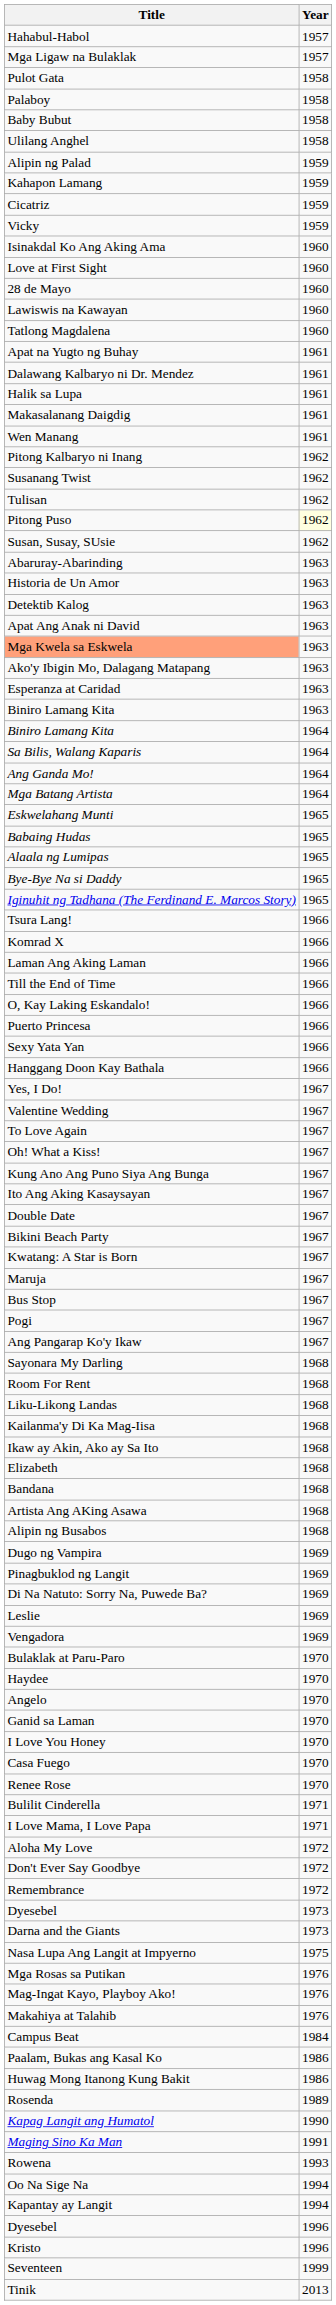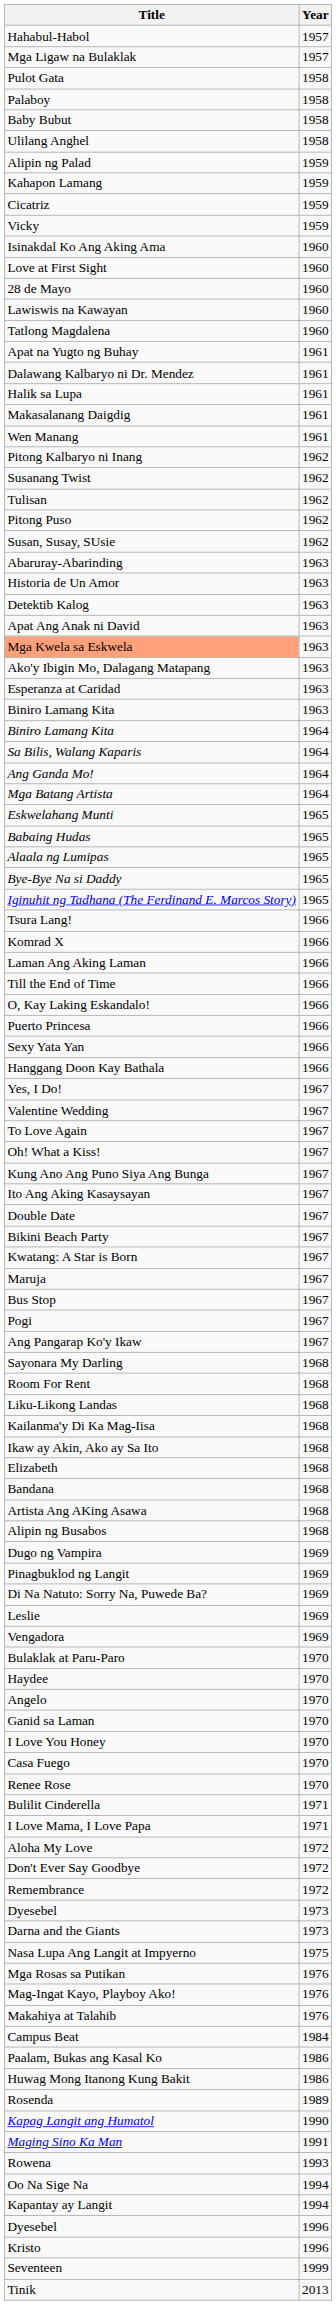 <table class="wikitable">
 <tr>
 <th>Title</th>
 <th>Year</th>
 </tr>
 <tr>
 <td>Hahabul-Habol</td>
 <td>1957</td>
 </tr>
 <tr>
 <td>Mga Ligaw na Bulaklak</td>
 <td>1957</td>
 </tr>
 <tr>
 <td>Pulot Gata</td>
 <td>1958</td>
 </tr>
 <tr>
 <td>Palaboy</td>
 <td>1958</td>
 </tr>
 <tr>
 <td>Baby Bubut</td>
 <td>1958</td>
 </tr>
 <tr>
 <td>Ulilang Anghel</td>
 <td>1958</td>
 </tr>
 <tr>
 <td>Alipin ng Palad</td>
 <td>1959</td>
 </tr>
 <tr>
 <td>Kahapon Lamang</td>
 <td>1959</td>
 </tr>
 <tr>
 <td>Cicatriz</td>
 <td>1959</td>
 </tr>
 <tr>
 <td>Vicky</td>
 <td>1959</td>
 </tr>
 <tr>
 <td>Isinakdal Ko Ang Aking Ama</td>
 <td>1960</td>
 </tr>
 <tr>
 <td>Love at First Sight</td>
 <td>1960</td>
 </tr>
 <tr>
 <td>28 de Mayo</td>
 <td>1960</td>
 </tr>
 <tr>
 <td>Lawiswis na Kawayan</td>
 <td>1960</td>
 </tr>
 <tr>
 <td>Tatlong Magdalena</td>
 <td>1960</td>
 </tr>
 <tr>
 <td>Apat na Yugto ng Buhay</td>
 <td>1961</td>
 </tr>
 <tr>
 <td>Dalawang Kalbaryo ni Dr. Mendez</td>
 <td>1961</td>
 </tr>
 <tr>
 <td>Halik sa Lupa</td>
 <td>1961</td>
 </tr>
 <tr>
 <td>Makasalanang Daigdig</td>
 <td>1961</td>
 </tr>
 <tr>
 <td>Wen Manang</td>
 <td>1961</td>
 </tr>
 <tr>
 <td>Pitong Kalbaryo ni Inang</td>
 <td>1962</td>
 </tr>
 <tr>
 <td>Susanang Twist</td>
 <td>1962</td>
 </tr>
 <tr>
 <td>Tulisan</td>
 <td>1962</td>
 </tr>
 <tr>
 <td>Pitong Puso</td>
-<td style="background: lightyellow;">1962</td>
+<td>1962</td>
 </tr>
 <tr>
 <td>Susan, Susay, SUsie</td>
 <td>1962</td>
 </tr>
 <tr>
 <td>Abaruray-Abarinding</td>
 <td>1963</td>
 </tr>
 <tr>
 <td>Historia de Un Amor</td>
 <td>1963</td>
 </tr>
 <tr>
 <td>Detektib Kalog</td>
 <td>1963</td>
 </tr>
 <tr>
 <td>Apat Ang Anak ni David</td>
 <td>1963</td>
 </tr>
 <tr>
 <td style="background: lightsalmon;">Mga Kwela sa Eskwela</td>
 <td>1963</td>
 </tr>
 <tr>
 <td>Ako'y Ibigin Mo, Dalagang Matapang</td>
 <td>1963</td>
 </tr>
 <tr>
 <td>Esperanza at Caridad</td>
 <td>1963</td>
 </tr>
 <tr>
 <td>Biniro Lamang Kita</td>
 <td>1963</td>
 </tr>
 <tr>
 <td><em>Biniro Lamang Kita</em></td>
 <td>1964</td>
 </tr>
 <tr>
 <td><em>Sa Bilis, Walang Kaparis</em></td>
 <td>1964</td>
 </tr>
 <tr>
 <td><em>Ang Ganda Mo!</em></td>
 <td>1964</td>
 </tr>
 <tr>
 <td><em>Mga Batang Artista</em></td>
 <td>1964</td>
 </tr>
 <tr>
 <td><em>Eskwelahang Munti</em></td>
 <td>1965</td>
 </tr>
 <tr>
 <td><em>Babaing Hudas</em></td>
 <td>1965</td>
 </tr>
 <tr>
 <td><em>Alaala ng Lumipas</em></td>
 <td>1965</td>
 </tr>
 <tr>
 <td><em>Bye-Bye Na si Daddy</em></td>
 <td>1965</td>
 </tr>
 <tr>
 <td><em><a href='#'>Iginuhit ng Tadhana (The Ferdinand E. Marcos Story)</a></em></td>
 <td>1965</td>
 </tr>
 <tr>
 <td>Tsura Lang!</td>
 <td>1966</td>
 </tr>
 <tr>
 <td>Komrad X</td>
 <td>1966</td>
 </tr>
 <tr>
 <td>Laman Ang Aking Laman</td>
 <td>1966</td>
 </tr>
 <tr>
 <td>Till the End of Time</td>
 <td>1966</td>
 </tr>
 <tr>
 <td>O, Kay Laking Eskandalo!</td>
 <td>1966</td>
 </tr>
 <tr>
 <td>Puerto Princesa</td>
 <td>1966</td>
 </tr>
 <tr>
 <td>Sexy Yata Yan</td>
 <td>1966</td>
 </tr>
 <tr>
 <td>Hanggang Doon Kay Bathala</td>
 <td>1966</td>
 </tr>
 <tr>
 <td>Yes, I Do!</td>
 <td>1967</td>
 </tr>
 <tr>
 <td>Valentine Wedding</td>
 <td>1967</td>
 </tr>
 <tr>
 <td>To Love Again</td>
 <td>1967</td>
 </tr>
 <tr>
 <td>Oh! What a Kiss!</td>
 <td>1967</td>
 </tr>
 <tr>
 <td>Kung Ano Ang Puno Siya Ang Bunga</td>
 <td>1967</td>
 </tr>
 <tr>
 <td>Ito Ang Aking Kasaysayan</td>
 <td>1967</td>
 </tr>
 <tr>
 <td>Double Date</td>
 <td>1967</td>
 </tr>
 <tr>
 <td>Bikini Beach Party</td>
 <td>1967</td>
 </tr>
 <tr>
 <td>Kwatang: A Star is Born</td>
 <td>1967</td>
 </tr>
 <tr>
 <td>Maruja</td>
 <td>1967</td>
 </tr>
 <tr>
 <td>Bus Stop</td>
 <td>1967</td>
 </tr>
 <tr>
 <td>Pogi</td>
 <td>1967</td>
 </tr>
 <tr>
 <td>Ang Pangarap Ko'y Ikaw</td>
 <td>1967</td>
 </tr>
 <tr>
 <td>Sayonara My Darling</td>
 <td>1968</td>
 </tr>
 <tr>
 <td>Room For Rent</td>
 <td>1968</td>
 </tr>
 <tr>
 <td>Liku-Likong Landas</td>
 <td>1968</td>
 </tr>
 <tr>
 <td>Kailanma'y Di Ka Mag-Iisa</td>
 <td>1968</td>
 </tr>
 <tr>
 <td>Ikaw ay Akin, Ako ay Sa Ito</td>
 <td>1968</td>
 </tr>
 <tr>
 <td>Elizabeth</td>
 <td>1968</td>
 </tr>
 <tr>
 <td>Bandana</td>
 <td>1968</td>
 </tr>
 <tr>
 <td>Artista Ang AKing Asawa</td>
 <td>1968</td>
 </tr>
 <tr>
 <td>Alipin ng Busabos</td>
 <td>1968</td>
 </tr>
 <tr>
 <td>Dugo ng Vampira</td>
 <td>1969</td>
 </tr>
 <tr>
 <td>Pinagbuklod ng Langit</td>
 <td>1969</td>
 </tr>
 <tr>
 <td>Di Na Natuto: Sorry Na, Puwede Ba?</td>
 <td>1969</td>
 </tr>
 <tr>
 <td>Leslie</td>
 <td>1969</td>
 </tr>
 <tr>
 <td>Vengadora</td>
 <td>1969</td>
 </tr>
 <tr>
 <td>Bulaklak at Paru-Paro</td>
 <td>1970</td>
 </tr>
 <tr>
 <td>Haydee</td>
 <td>1970</td>
 </tr>
 <tr>
 <td>Angelo</td>
 <td>1970</td>
 </tr>
 <tr>
 <td>Ganid sa Laman</td>
 <td>1970</td>
 </tr>
 <tr>
 <td>I Love You Honey</td>
 <td>1970</td>
 </tr>
 <tr>
 <td>Casa Fuego</td>
 <td>1970</td>
 </tr>
 <tr>
 <td>Renee Rose</td>
 <td>1970</td>
 </tr>
 <tr>
 <td>Bulilit Cinderella</td>
 <td>1971</td>
 </tr>
 <tr>
 <td>I Love Mama, I Love Papa</td>
 <td>1971</td>
 </tr>
 <tr>
 <td>Aloha My Love</td>
 <td>1972</td>
 </tr>
 <tr>
 <td>Don't Ever Say Goodbye</td>
 <td>1972</td>
 </tr>
 <tr>
 <td>Remembrance</td>
 <td>1972</td>
 </tr>
 <tr>
 <td>Dyesebel</td>
 <td>1973</td>
 </tr>
 <tr>
 <td>Darna and the Giants</td>
 <td>1973</td>
 </tr>
 <tr>
 <td>Nasa Lupa Ang Langit at Impyerno</td>
 <td>1975</td>
 </tr>
 <tr>
 <td>Mga Rosas sa Putikan</td>
 <td>1976</td>
 </tr>
 <tr>
 <td>Mag-Ingat Kayo, Playboy Ako!</td>
 <td>1976</td>
 </tr>
 <tr>
 <td>Makahiya at Talahib</td>
 <td>1976</td>
 </tr>
 <tr>
 <td>Campus Beat</td>
 <td>1984</td>
 </tr>
 <tr>
 <td>Paalam, Bukas ang Kasal Ko</td>
 <td>1986</td>
 </tr>
 <tr>
 <td>Huwag Mong Itanong Kung Bakit</td>
 <td>1986</td>
 </tr>
 <tr>
 <td>Rosenda</td>
 <td>1989</td>
 </tr>
 <tr>
 <td><em><a href='#'>Kapag Langit ang Humatol</a></em></td>
 <td>1990</td>
 </tr>
 <tr>
 <td><em><a href='#'>Maging Sino Ka Man</a></em></td>
 <td>1991</td>
 </tr>
 <tr>
 <td>Rowena</td>
 <td>1993</td>
 </tr>
 <tr>
 <td>Oo Na Sige Na</td>
 <td>1994</td>
 </tr>
 <tr>
 <td>Kapantay ay Langit</td>
 <td>1994</td>
 </tr>
 <tr>
 <td>Dyesebel</td>
 <td>1996</td>
 </tr>
 <tr>
 <td>Kristo</td>
 <td>1996</td>
 </tr>
 <tr>
 <td>Seventeen</td>
 <td>1999</td>
 </tr>
 <tr>
 <td>Tinik</td>
 <td>2013</td>
 </tr>
 </table>
